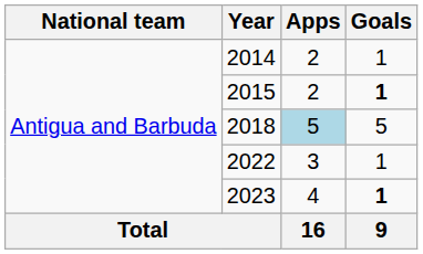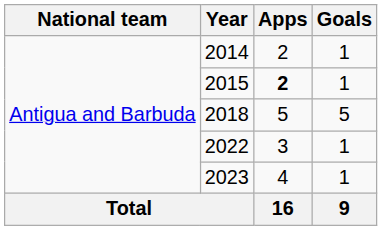 <table class="wikitable" style="text-align: center;">
 <tr>
 <th>National team</th>
 <th>Year</th>
 <th>Apps</th>
 <th>Goals</th>
 </tr>
 <tr>
 <td rowspan="5"><a href='#'>Antigua and Barbuda</a></td>
 <td>2014</td>
 <td>2</td>
 <td>1</td>
 </tr>
 <tr>
 <td>2015</td>
-<td>2</td>
-<td><strong>1</strong></td>
+<td><strong>2</strong></td>
+<td>1</td>
 </tr>
 <tr>
 <td>2018</td>
-<td style="background: lightblue;">5</td>
+<td>5</td>
 <td>5</td>
 </tr>
 <tr>
 <td>2022</td>
 <td>3</td>
 <td>1</td>
 </tr>
 <tr>
 <td>2023</td>
 <td>4</td>
-<td><strong>1</strong></td>
+<td>1</td>
 </tr>
 <tr>
 <th colspan="2">Total</th>
 <th>16</th>
 <th>9</th>
 </tr>
 </table>
